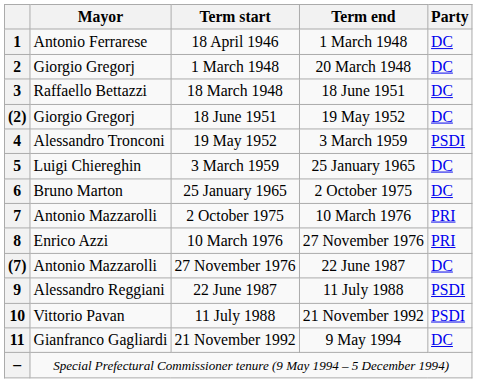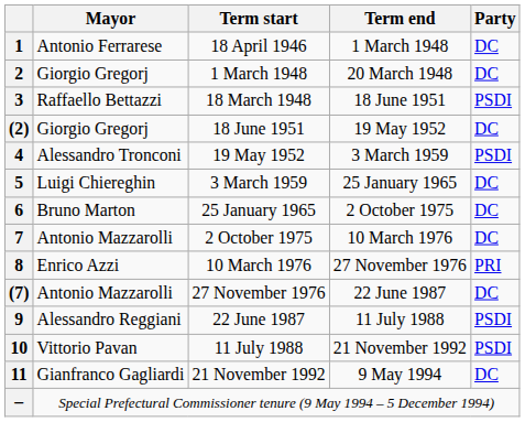 <table class="wikitable">
 <tr>
 <th class=unsortable> </th>
 <th>Mayor</th>
 <th>Term start</th>
 <th>Term end</th>
 <th>Party</th>
 </tr>
 <tr>
 <th style="background:">1</th>
 <td>Antonio Ferrarese</td>
 <td align=center>18 April 1946</td>
 <td align=center>1 March 1948</td>
 <td><a href='#'>DC</a></td>
 </tr>
 <tr>
 <th style="background:">2</th>
 <td>Giorgio Gregorj</td>
 <td align=center>1 March 1948</td>
 <td align=center>20 March 1948</td>
 <td><a href='#'>DC</a></td>
 </tr>
 <tr>
 <th style="background:">3</th>
 <td>Raffaello Bettazzi</td>
 <td align=center>18 March 1948</td>
 <td align=center>18 June 1951</td>
-<td><a href='#'>DC</a></td>
+<td><a href='#'>PSDI</a></td>
 </tr>
 <tr>
 <th style="background:">(2)</th>
 <td>Giorgio Gregorj</td>
 <td align=center>18 June 1951</td>
 <td align=center>19 May 1952</td>
 <td><a href='#'>DC</a></td>
 </tr>
 <tr>
 <th style="background:">4</th>
 <td>Alessandro Tronconi</td>
 <td align=center>19 May 1952</td>
 <td align=center>3 March 1959</td>
 <td><a href='#'>PSDI</a></td>
 </tr>
 <tr>
 <th style="background:">5</th>
 <td>Luigi Chiereghin</td>
 <td align=center>3 March 1959</td>
 <td align=center>25 January 1965</td>
 <td><a href='#'>DC</a></td>
 </tr>
 <tr>
 <th style="background:">6</th>
 <td>Bruno Marton</td>
 <td align=center>25 January 1965</td>
 <td align=center>2 October 1975</td>
 <td><a href='#'>DC</a></td>
 </tr>
 <tr>
 <th style="background:">7</th>
 <td>Antonio Mazzarolli</td>
 <td align=center>2 October 1975</td>
 <td align=center>10 March 1976</td>
-<td><a href='#'>PRI</a></td>
+<td><a href='#'>DC</a></td>
 </tr>
 <tr>
 <th style="background:">8</th>
 <td>Enrico Azzi</td>
 <td align=center>10 March 1976</td>
 <td align=center>27 November 1976</td>
 <td><a href='#'>PRI</a></td>
 </tr>
 <tr>
 <th style="background:">(7)</th>
 <td>Antonio Mazzarolli</td>
 <td align=center>27 November 1976</td>
 <td align=center>22 June 1987</td>
 <td><a href='#'>DC</a></td>
 </tr>
 <tr>
 <th style="background:">9</th>
 <td>Alessandro Reggiani</td>
 <td align=center>22 June 1987</td>
 <td align=center>11 July 1988</td>
 <td><a href='#'>PSDI</a></td>
 </tr>
 <tr>
 <th style="background:">10</th>
 <td>Vittorio Pavan</td>
 <td align=center>11 July 1988</td>
 <td align=center>21 November 1992</td>
 <td><a href='#'>PSDI</a></td>
 </tr>
 <tr>
 <th style="background:">11</th>
 <td>Gianfranco Gagliardi</td>
 <td align=center>21 November 1992</td>
 <td align=center>9 May 1994</td>
 <td><a href='#'>DC</a></td>
 </tr>
 <tr>
 <th>–</th>
 <td colspan=4 align=center><small><em>Special Prefectural Commissioner tenure (9 May 1994 – 5 December 1994)</em></small></td>
 </tr>
 </table>
